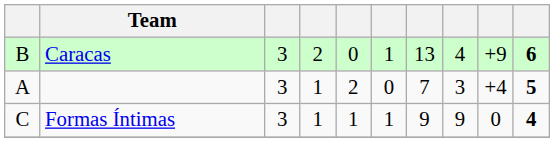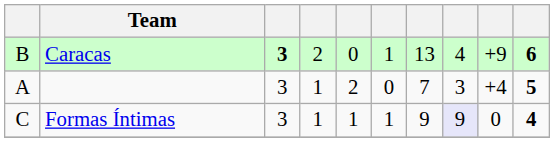 <table class="wikitable" style="text-align: center;">
 <tr>
 <th width=20></th>
 <th width=165>Team</th>
 <th width=20></th>
 <th width=20></th>
 <th width=20></th>
 <th width=20></th>
 <th width=20></th>
 <th width=20></th>
 <th width=20></th>
 <th width=20></th>
 </tr>
 <tr style="background:#cfc;">
 <td>B</td>
 <td align=left> <a href='#'>Caracas</a></td>
-<td>3</td>
+<td><strong>3</strong></td>
 <td>2</td>
 <td>0</td>
 <td>1</td>
 <td>13</td>
 <td>4</td>
 <td>+9</td>
 <td><strong>6</strong></td>
 </tr>
 <tr>
 <td>A</td>
 <td align=left></td>
 <td>3</td>
 <td>1</td>
 <td>2</td>
 <td>0</td>
 <td>7</td>
 <td>3</td>
 <td>+4</td>
 <td><strong>5</strong></td>
 </tr>
 <tr>
 <td>C</td>
 <td align=left> <a href='#'>Formas Íntimas</a></td>
 <td>3</td>
 <td>1</td>
 <td>1</td>
 <td>1</td>
 <td>9</td>
-<td>9</td>
+<td style="background: lavender;">9</td>
 <td>0</td>
 <td><strong>4</strong></td>
 </tr>
 <tr>
 </tr>
 </table>
